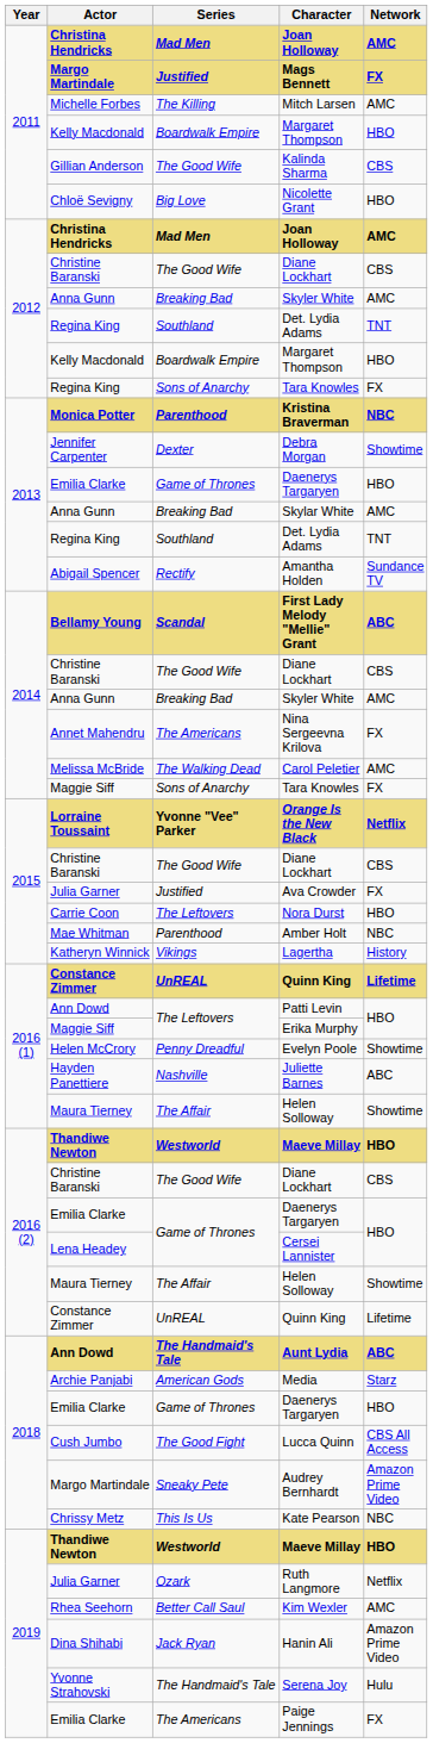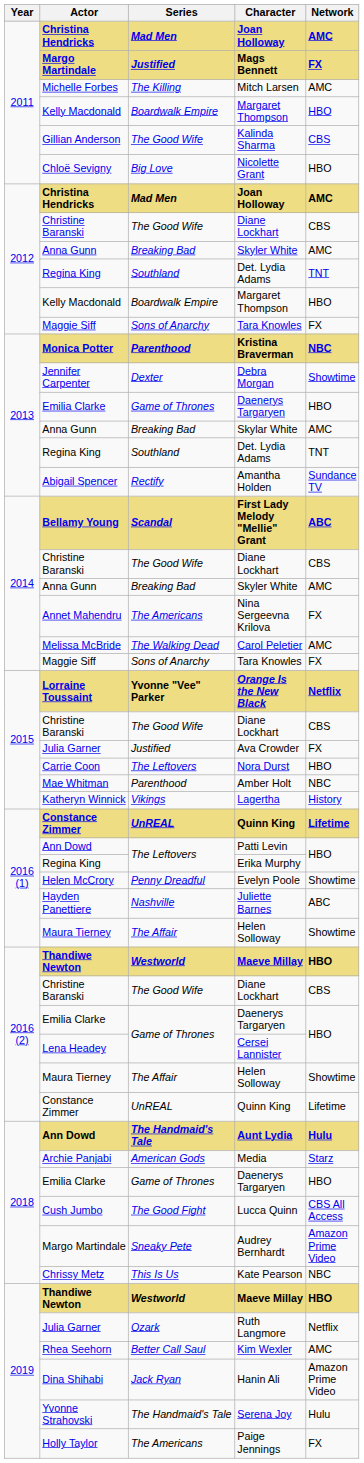 <table class="wikitable" style="width:85%">
 <tr style="background:#bebebe;">
 <th style="width:10%;">Year</th>
 <th style="wodth:25%;">Actor</th>
 <th style="width:30%;">Series</th>
 <th style="width:20%;">Character</th>
 <th style="width:15%;">Network</th>
 </tr>
 <tr>
 <td rowspan="6" style="text-align:center;"><a href='#'>2011</a><br></td>
 <td style="background:#EEDD82;"><strong><a href='#'>Christina Hendricks</a></strong></td>
 <td style="background:#EEDD82;"><strong><em><a href='#'>Mad Men</a></em></strong></td>
 <td style="background:#EEDD82;"><strong><a href='#'>Joan Holloway</a></strong></td>
 <td style="background:#EEDD82;"><strong><a href='#'>AMC</a></strong></td>
 </tr>
 <tr>
 <td style="background:#EEDD82;"><strong><a href='#'>Margo Martindale</a></strong></td>
 <td style="background:#EEDD82;"><strong><em><a href='#'>Justified</a></em></strong></td>
 <td style="background:#EEDD82;"><strong>Mags Bennett</strong></td>
 <td style="background:#EEDD82;"><strong><a href='#'>FX</a></strong></td>
 </tr>
 <tr>
 <td><a href='#'>Michelle Forbes</a></td>
 <td><em><a href='#'>The Killing</a></em></td>
 <td>Mitch Larsen</td>
 <td>AMC</td>
 </tr>
 <tr>
 <td><a href='#'>Kelly Macdonald</a></td>
 <td><em><a href='#'>Boardwalk Empire</a></em></td>
 <td><a href='#'>Margaret Thompson</a></td>
 <td><a href='#'>HBO</a></td>
 </tr>
 <tr>
 <td><a href='#'>Gillian Anderson</a></td>
 <td><em><a href='#'>The Good Wife</a></em></td>
 <td><a href='#'>Kalinda Sharma</a></td>
 <td><a href='#'>CBS</a></td>
 </tr>
 <tr>
 <td><a href='#'>Chloë Sevigny</a></td>
 <td><em><a href='#'>Big Love</a></em></td>
 <td><a href='#'>Nicolette Grant</a></td>
 <td>HBO</td>
 </tr>
 <tr>
 <td rowspan="6" style="text-align:center;"><a href='#'>2012</a><br></td>
 <td style="background:#EEDD82;"><strong>Christina Hendricks</strong></td>
 <td style="background:#EEDD82;"><strong><em>Mad Men</em></strong></td>
 <td style="background:#EEDD82;"><strong>Joan Holloway</strong></td>
 <td style="background:#EEDD82;"><strong>AMC</strong></td>
 </tr>
 <tr>
 <td><a href='#'>Christine Baranski</a></td>
 <td><em>The Good Wife</em></td>
 <td><a href='#'>Diane Lockhart</a></td>
 <td>CBS</td>
 </tr>
 <tr>
 <td><a href='#'>Anna Gunn</a></td>
 <td><em><a href='#'>Breaking Bad</a></em></td>
 <td><a href='#'>Skyler White</a></td>
 <td>AMC</td>
 </tr>
 <tr>
 <td><a href='#'>Regina King</a></td>
 <td><em><a href='#'>Southland</a></em></td>
 <td>Det. Lydia Adams</td>
 <td><a href='#'>TNT</a></td>
 </tr>
 <tr>
 <td>Kelly Macdonald</td>
 <td><em>Boardwalk Empire</em></td>
 <td>Margaret Thompson</td>
 <td>HBO</td>
 </tr>
 <tr>
-<td>Regina King</td>
+<td><a href='#'>Maggie Siff</a></td>
 <td><em><a href='#'>Sons of Anarchy</a></em></td>
 <td><a href='#'>Tara Knowles</a></td>
 <td>FX</td>
 </tr>
 <tr>
 <td rowspan="6" style="text-align:center;"><a href='#'>2013</a><br></td>
 <td style="background:#EEDD82;"><strong><a href='#'>Monica Potter</a></strong></td>
 <td style="background:#EEDD82;"><strong><em><a href='#'>Parenthood</a></em></strong></td>
 <td style="background:#EEDD82;"><strong>Kristina Braverman</strong></td>
 <td style="background:#EEDD82;"><strong><a href='#'>NBC</a></strong></td>
 </tr>
 <tr>
 <td><a href='#'>Jennifer Carpenter</a></td>
 <td><em><a href='#'>Dexter</a></em></td>
 <td><a href='#'>Debra Morgan</a></td>
 <td><a href='#'>Showtime</a></td>
 </tr>
 <tr>
 <td><a href='#'>Emilia Clarke</a></td>
 <td><em><a href='#'>Game of Thrones</a></em></td>
 <td><a href='#'>Daenerys Targaryen</a></td>
 <td>HBO</td>
 </tr>
 <tr>
 <td>Anna Gunn</td>
 <td><em>Breaking Bad</em></td>
 <td>Skylar White</td>
 <td>AMC</td>
 </tr>
 <tr>
 <td>Regina King</td>
 <td><em>Southland</em></td>
 <td>Det. Lydia Adams</td>
 <td>TNT</td>
 </tr>
 <tr>
 <td><a href='#'>Abigail Spencer</a></td>
 <td><em><a href='#'>Rectify</a></em></td>
 <td>Amantha Holden</td>
 <td><a href='#'>Sundance TV</a></td>
 </tr>
 <tr>
 <td rowspan="6" style="text-align:center;"><a href='#'>2014</a><br></td>
 <td style="background:#EEDD82;"><strong><a href='#'>Bellamy Young</a></strong></td>
 <td style="background:#EEDD82;"><strong><em><a href='#'>Scandal</a></em></strong></td>
 <td style="background:#EEDD82;"><strong>First Lady Melody "Mellie" Grant</strong></td>
 <td style="background:#EEDD82;"><strong><a href='#'>ABC</a></strong></td>
 </tr>
 <tr>
 <td>Christine Baranski</td>
 <td><em>The Good Wife</em></td>
 <td>Diane Lockhart</td>
 <td>CBS</td>
 </tr>
 <tr>
 <td>Anna Gunn</td>
 <td><em>Breaking Bad</em></td>
 <td>Skyler White</td>
 <td>AMC</td>
 </tr>
 <tr>
 <td><a href='#'>Annet Mahendru</a></td>
 <td><em><a href='#'>The Americans</a></em></td>
 <td>Nina Sergeevna Krilova</td>
 <td>FX</td>
 </tr>
 <tr>
 <td><a href='#'>Melissa McBride</a></td>
 <td><em><a href='#'>The Walking Dead</a></em></td>
 <td><a href='#'>Carol Peletier</a></td>
 <td>AMC</td>
 </tr>
 <tr>
 <td>Maggie Siff</td>
 <td><em>Sons of Anarchy</em></td>
 <td>Tara Knowles</td>
 <td>FX</td>
 </tr>
 <tr>
 <td rowspan="6" style="text-align:center;"><a href='#'>2015</a><br></td>
 <td style="background:#EEDD82;"><strong><a href='#'>Lorraine Toussaint</a></strong></td>
 <td style="background:#EEDD82;"><strong>Yvonne "Vee" Parker</strong></td>
 <td style="background:#EEDD82;"><strong><em><a href='#'>Orange Is the New Black</a></em></strong></td>
 <td style="background:#EEDD82;"><strong><a href='#'>Netflix</a></strong></td>
 </tr>
 <tr>
 <td>Christine Baranski</td>
 <td><em>The Good Wife</em></td>
 <td>Diane Lockhart</td>
 <td>CBS</td>
 </tr>
 <tr>
 <td><a href='#'>Julia Garner</a></td>
 <td><em>Justified</em></td>
 <td>Ava Crowder</td>
 <td>FX</td>
 </tr>
 <tr>
 <td><a href='#'>Carrie Coon</a></td>
 <td><em><a href='#'>The Leftovers</a></em></td>
 <td><a href='#'>Nora Durst</a></td>
 <td>HBO</td>
 </tr>
 <tr>
 <td><a href='#'>Mae Whitman</a></td>
 <td><em>Parenthood</em></td>
 <td>Amber Holt</td>
 <td>NBC</td>
 </tr>
 <tr>
 <td><a href='#'>Katheryn Winnick</a></td>
 <td><em><a href='#'>Vikings</a></em></td>
 <td><a href='#'>Lagertha</a></td>
 <td><a href='#'>History</a></td>
 </tr>
 <tr>
 <td rowspan="6" style="text-align:center;"><a href='#'>2016 (1)</a><br></td>
 <td style="background:#EEDD82;"><strong><a href='#'>Constance Zimmer</a></strong></td>
 <td style="background:#EEDD82;"><strong><em><a href='#'>UnREAL</a></em></strong></td>
 <td style="background:#EEDD82;"><strong>Quinn King</strong></td>
 <td style="background:#EEDD82;"><strong><a href='#'>Lifetime</a></strong></td>
 </tr>
 <tr>
 <td><a href='#'>Ann Dowd</a></td>
 <td rowspan="2"><em>The Leftovers</em></td>
 <td>Patti Levin</td>
 <td rowspan="2">HBO</td>
 </tr>
 <tr>
-<td><a href='#'>Maggie Siff</a></td>
+<td>Regina King</td>
 <td>Erika Murphy</td>
 </tr>
 <tr>
 <td><a href='#'>Helen McCrory</a></td>
 <td><em><a href='#'>Penny Dreadful</a></em></td>
 <td>Evelyn Poole</td>
 <td>Showtime</td>
 </tr>
 <tr>
 <td><a href='#'>Hayden Panettiere</a></td>
 <td><em><a href='#'>Nashville</a></em></td>
 <td><a href='#'>Juliette Barnes</a></td>
 <td>ABC</td>
 </tr>
 <tr>
 <td><a href='#'>Maura Tierney</a></td>
 <td><em><a href='#'>The Affair</a></em></td>
 <td>Helen Solloway</td>
 <td>Showtime</td>
 </tr>
 <tr>
 <td rowspan="6" style="text-align:center;"><a href='#'>2016 (2)</a><br></td>
 <td style="background:#EEDD82;"><strong><a href='#'>Thandiwe Newton</a></strong></td>
 <td style="background:#EEDD82;"><strong><em><a href='#'>Westworld</a></em></strong></td>
 <td style="background:#EEDD82;"><strong><a href='#'>Maeve Millay</a></strong></td>
 <td style="background:#EEDD82;"><strong>HBO</strong></td>
 </tr>
 <tr>
 <td>Christine Baranski</td>
 <td><em>The Good Wife</em></td>
 <td>Diane Lockhart</td>
 <td>CBS</td>
 </tr>
 <tr>
 <td>Emilia Clarke</td>
 <td rowspan="2"><em>Game of Thrones</em></td>
 <td>Daenerys Targaryen</td>
 <td rowspan="2">HBO</td>
 </tr>
 <tr>
 <td><a href='#'>Lena Headey</a></td>
 <td><a href='#'>Cersei Lannister</a></td>
 </tr>
 <tr>
 <td>Maura Tierney</td>
 <td><em>The Affair</em></td>
 <td>Helen Solloway</td>
 <td>Showtime</td>
 </tr>
 <tr>
 <td>Constance Zimmer</td>
 <td><em>UnREAL</em></td>
 <td>Quinn King</td>
 <td>Lifetime</td>
 </tr>
 <tr>
 <td rowspan="6" style="text-align:center;"><a href='#'>2018</a><br></td>
 <td style="background:#EEDD82;"><strong>Ann Dowd</strong></td>
 <td style="background:#EEDD82;"><strong><em><a href='#'>The Handmaid's Tale</a></em></strong></td>
 <td style="background:#EEDD82;"><strong><a href='#'>Aunt Lydia</a></strong></td>
-<td style="background:#EEDD82;"><strong><a href='#'>ABC</a></strong></td>
+<td style="background:#EEDD82;"><strong><a href='#'>Hulu</a></strong></td>
 </tr>
 <tr>
 <td><a href='#'>Archie Panjabi</a></td>
 <td><em><a href='#'>American Gods</a></em></td>
 <td>Media</td>
 <td><a href='#'>Starz</a></td>
 </tr>
 <tr>
 <td>Emilia Clarke</td>
 <td><em>Game of Thrones</em></td>
 <td>Daenerys Targaryen</td>
 <td>HBO</td>
 </tr>
 <tr>
 <td><a href='#'>Cush Jumbo</a></td>
 <td><em><a href='#'>The Good Fight</a></em></td>
 <td>Lucca Quinn</td>
 <td><a href='#'>CBS All Access</a></td>
 </tr>
 <tr>
 <td>Margo Martindale</td>
 <td><em><a href='#'>Sneaky Pete</a></em></td>
 <td>Audrey Bernhardt</td>
 <td><a href='#'>Amazon Prime Video</a></td>
 </tr>
 <tr>
 <td><a href='#'>Chrissy Metz</a></td>
 <td><em><a href='#'>This Is Us</a></em></td>
 <td>Kate Pearson</td>
 <td>NBC</td>
 </tr>
 <tr>
 <td rowspan="6" style="text-align:center;"><a href='#'>2019</a><br></td>
 <td style="background:#EEDD82;"><strong>Thandiwe Newton</strong></td>
 <td style="background:#EEDD82;"><strong><em>Westworld</em></strong></td>
 <td style="background:#EEDD82;"><strong>Maeve Millay</strong></td>
 <td style="background:#EEDD82;"><strong>HBO</strong></td>
 </tr>
 <tr>
 <td><a href='#'>Julia Garner</a></td>
 <td><em><a href='#'>Ozark</a></em></td>
 <td>Ruth Langmore</td>
 <td>Netflix</td>
 </tr>
 <tr>
 <td><a href='#'>Rhea Seehorn</a></td>
 <td><em><a href='#'>Better Call Saul</a></em></td>
 <td><a href='#'>Kim Wexler</a></td>
 <td>AMC</td>
 </tr>
 <tr>
 <td><a href='#'>Dina Shihabi</a></td>
 <td><em><a href='#'>Jack Ryan</a></em></td>
 <td>Hanin Ali</td>
 <td>Amazon Prime Video</td>
 </tr>
 <tr>
 <td><a href='#'>Yvonne Strahovski</a></td>
 <td><em>The Handmaid's Tale</em></td>
 <td><a href='#'>Serena Joy</a></td>
 <td>Hulu</td>
 </tr>
 <tr>
-<td>Emilia Clarke</td>
+<td><a href='#'>Holly Taylor</a></td>
 <td><em>The Americans</em></td>
 <td>Paige Jennings</td>
 <td>FX</td>
 </tr>
 </table>
